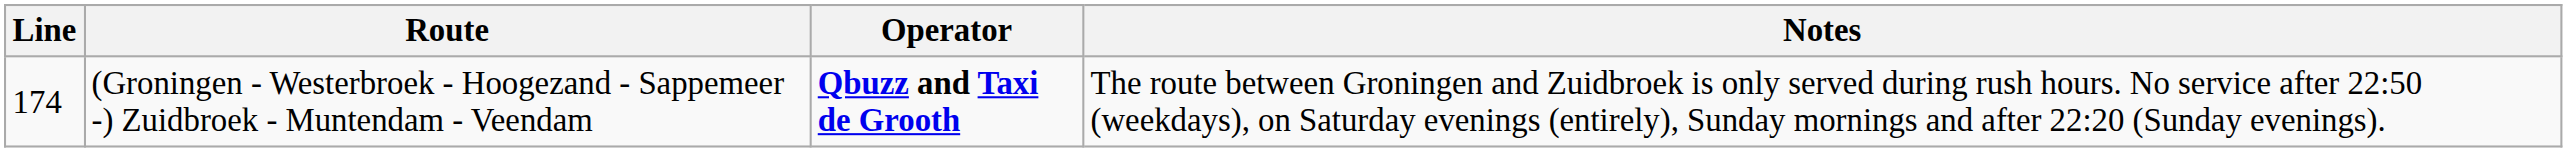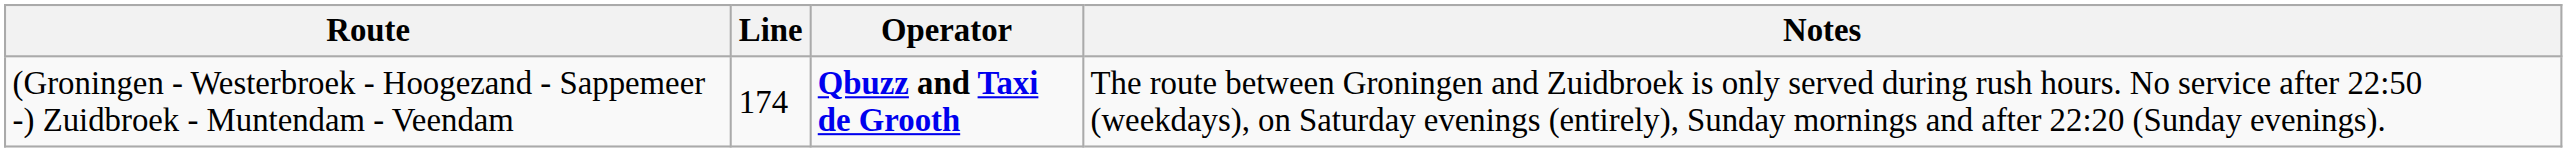 <table class="wikitable">
 <tr>
+<th>Route</th>
 <th>Line</th>
-<th>Route</th>
 <th>Operator</th>
 <th>Notes</th>
 </tr>
 <tr>
+<td>(Groningen - Westerbroek - Hoogezand - Sappemeer -) Zuidbroek - Muntendam - Veendam</td>
 <td>174</td>
-<td>(Groningen - Westerbroek - Hoogezand - Sappemeer -) Zuidbroek - Muntendam - Veendam</td>
 <td><strong><a href='#'>Qbuzz</a>  and <a href='#'>Taxi de Grooth</a></strong></td>
 <td>The route between Groningen and Zuidbroek is only served during rush hours. No service after 22:50 (weekdays), on Saturday evenings (entirely), Sunday mornings and after 22:20 (Sunday evenings).</td>
 </tr>
 </table>
